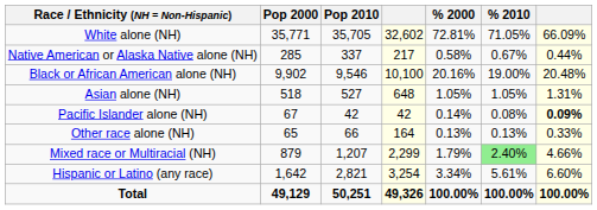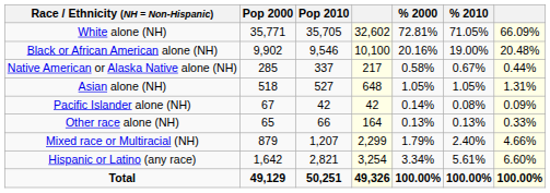 <table class="wikitable" style="text-align:center;">
 <tr>
 <th>Race / Ethnicity <small>(<em>NH = Non-Hispanic</em>)</small></th>
 <th>Pop 2000</th>
 <th>Pop 2010</th>
 <th></th>
 <th>% 2000</th>
 <th>% 2010</th>
 <th></th>
 </tr>
 <tr>
 <td><a href='#'>White</a> alone (NH)</td>
 <td>35,771</td>
 <td>35,705</td>
 <td style='background: #ffffe6;'>32,602</td>
 <td>72.81%</td>
 <td>71.05%</td>
 <td style='background: #ffffe6;'>66.09%</td>
 </tr>
 <tr>
+<td><a href='#'>Black or African American</a> alone (NH)</td>
+<td>9,902</td>
+<td>9,546</td>
+<td style='background: #ffffe6;'>10,100</td>
+<td>20.16%</td>
+<td>19.00%</td>
+<td style='background: #ffffe6;'>20.48%</td>
+</tr>
+<tr>
 <td><a href='#'>Native American</a> or <a href='#'>Alaska Native</a> alone (NH)</td>
 <td>285</td>
 <td>337</td>
 <td style='background: #ffffe6;'>217</td>
 <td>0.58%</td>
 <td>0.67%</td>
 <td style='background: #ffffe6;'>0.44%</td>
-</tr>
-<tr>
-<td><a href='#'>Black or African American</a> alone (NH)</td>
-<td>9,902</td>
-<td>9,546</td>
-<td style='background: #ffffe6;'>10,100</td>
-<td>20.16%</td>
-<td>19.00%</td>
-<td style='background: #ffffe6;'>20.48%</td>
 </tr>
 <tr>
 <td><a href='#'>Asian</a> alone (NH)</td>
 <td>518</td>
 <td>527</td>
 <td style='background: #ffffe6;'>648</td>
 <td>1.05%</td>
 <td>1.05%</td>
 <td style='background: #ffffe6;'>1.31%</td>
 </tr>
 <tr>
 <td><a href='#'>Pacific Islander</a> alone (NH)</td>
 <td>67</td>
 <td>42</td>
 <td style='background: #ffffe6;'>42</td>
 <td>0.14%</td>
 <td>0.08%</td>
-<td style='background: #ffffe6;'><strong>0.09%</strong></td>
+<td style='background: #ffffe6;'>0.09%</td>
 </tr>
 <tr>
 <td><a href='#'>Other race</a> alone (NH)</td>
 <td>65</td>
 <td>66</td>
 <td style='background: #ffffe6;'>164</td>
 <td>0.13%</td>
 <td>0.13%</td>
 <td style='background: #ffffe6;'>0.33%</td>
 </tr>
 <tr>
 <td><a href='#'>Mixed race or Multiracial</a> (NH)</td>
 <td>879</td>
 <td>1,207</td>
 <td style='background: #ffffe6;'>2,299</td>
 <td>1.79%</td>
-<td style="background: lightgreen;">2.40%</td>
+<td>2.40%</td>
 <td style='background: #ffffe6;'>4.66%</td>
 </tr>
 <tr>
 <td><a href='#'>Hispanic or Latino</a> (any race)</td>
 <td>1,642</td>
 <td>2,821</td>
 <td style='background: #ffffe6;'>3,254</td>
 <td>3.34%</td>
 <td>5.61%</td>
 <td style='background: #ffffe6;'>6.60%</td>
 </tr>
 <tr>
 <td><strong>Total</strong></td>
 <td><strong>49,129</strong></td>
 <td><strong>50,251</strong></td>
 <td style='background: #ffffe6;'><strong>49,326</strong></td>
 <td><strong>100.00%</strong></td>
 <td><strong>100.00%</strong></td>
 <td style='background: #ffffe6;'><strong>100.00%</strong></td>
 </tr>
 </table>
